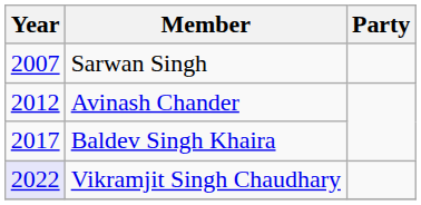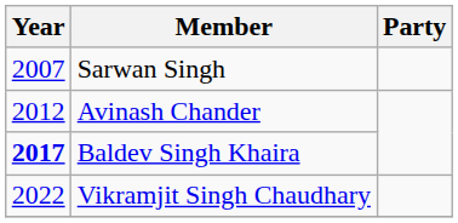 <table class="wikitable sortable">
 <tr>
 <th>Year</th>
 <th>Member</th>
 <th colspan="2">Party</th>
 </tr>
 <tr>
 <td><a href='#'>2007</a></td>
 <td>Sarwan Singh</td>
 <td></td>
 </tr>
 <tr>
 <td><a href='#'>2012</a></td>
 <td><a href='#'>Avinash Chander</a></td>
 </tr>
 <tr>
-<td><a href='#'>2017</a></td>
+<td><strong><a href='#'>2017</a></strong></td>
 <td><a href='#'>Baldev Singh Khaira</a></td>
 </tr>
 <tr>
-<td style="background: lavender;"><a href='#'>2022</a></td>
+<td><a href='#'>2022</a></td>
 <td><a href='#'>Vikramjit Singh Chaudhary</a></td>
 <td></td>
 </tr>
 <tr>
 </tr>
 </table>
